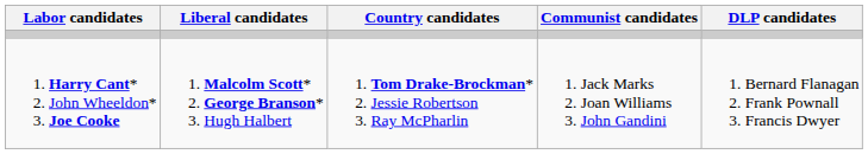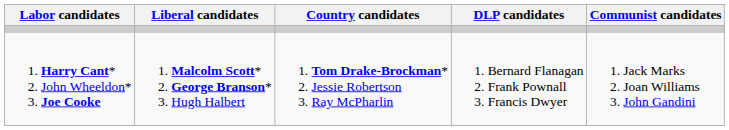 <table class="wikitable">
 <tr>
 <th><a href='#'>Labor</a> candidates</th>
 <th><a href='#'>Liberal</a> candidates</th>
 <th><a href='#'>Country</a> candidates</th>
+<th><a href='#'>DLP</a> candidates</th>
 <th><a href='#'>Communist</a> candidates</th>
-<th><a href='#'>DLP</a> candidates</th>
 </tr>
 <tr bgcolor="#cccccc">
 <td></td>
 <td></td>
 <td></td>
 <td></td>
 <td></td>
 </tr>
 <tr>
 <td><br><ol><li><strong><a href='#'>Harry Cant</a></strong>*</li><li><a href='#'>John Wheeldon</a>*</li><li><strong><a href='#'>Joe Cooke</a></strong></li></ol></td>
 <td><br><ol><li><strong><a href='#'>Malcolm Scott</a></strong>*</li><li><strong><a href='#'>George Branson</a></strong>*</li><li><a href='#'>Hugh Halbert</a></li></ol></td>
 <td><br><ol><li><strong><a href='#'>Tom Drake-Brockman</a></strong>*</li><li><a href='#'>Jessie Robertson</a></li><li><a href='#'>Ray McPharlin</a></li></ol></td>
+<td valign=top><br><ol><li>Bernard Flanagan</li><li>Frank Pownall</li><li>Francis Dwyer</li></ol></td>
 <td valign=top><br><ol><li>Jack Marks</li><li>Joan Williams</li><li><a href='#'>John Gandini</a></li></ol></td>
-<td valign=top><br><ol><li>Bernard Flanagan</li><li>Frank Pownall</li><li>Francis Dwyer</li></ol></td>
 </tr>
 </table>
